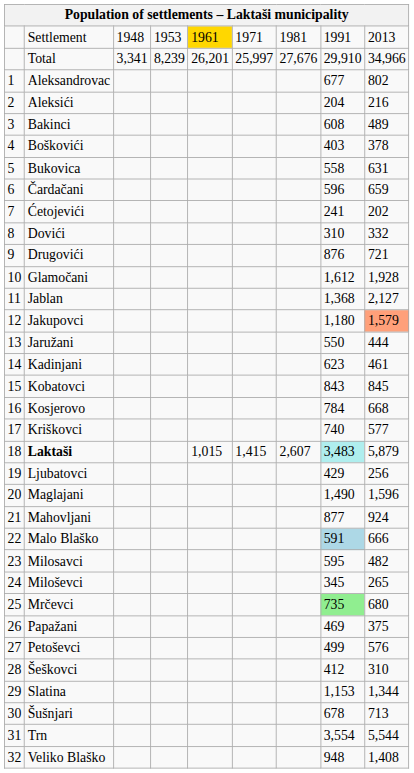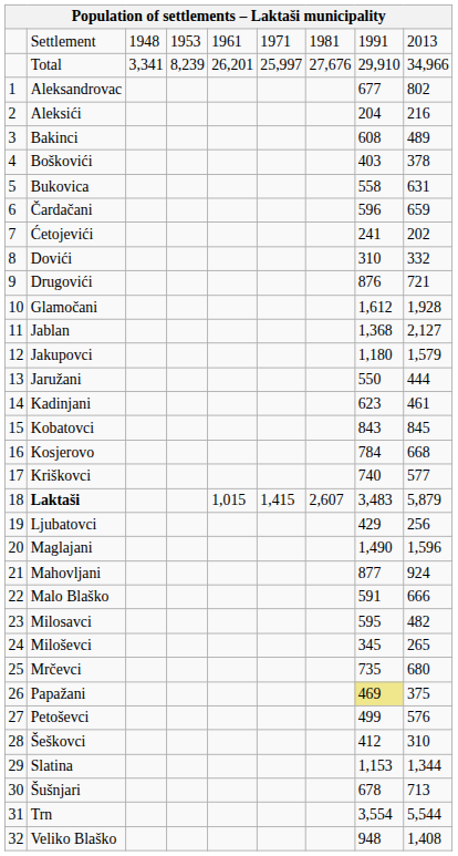 <table class="wikitable">
 <tr>
 <th colspan="9">Population of settlements – Laktaši municipality</th>
 </tr>
 <tr>
 <td></td>
 <td>Settlement</td>
 <td>1948</td>
 <td>1953</td>
-<td style="background: gold;">1961</td>
+<td>1961</td>
 <td>1971</td>
 <td>1981</td>
 <td>1991</td>
 <td>2013</td>
 </tr>
 <tr>
 <td></td>
 <td>Total</td>
 <td>3,341</td>
 <td>8,239</td>
 <td>26,201</td>
 <td>25,997</td>
 <td>27,676</td>
 <td>29,910</td>
 <td>34,966</td>
 </tr>
 <tr>
 <td>1</td>
 <td>Aleksandrovac</td>
 <td></td>
 <td></td>
 <td></td>
 <td></td>
 <td></td>
 <td>677</td>
 <td>802</td>
 </tr>
 <tr>
 <td>2</td>
 <td>Aleksići</td>
 <td></td>
 <td></td>
 <td></td>
 <td></td>
 <td></td>
 <td>204</td>
 <td>216</td>
 </tr>
 <tr>
 <td>3</td>
 <td>Bakinci</td>
 <td></td>
 <td></td>
 <td></td>
 <td></td>
 <td></td>
 <td>608</td>
 <td>489</td>
 </tr>
 <tr>
 <td>4</td>
 <td>Boškovići</td>
 <td></td>
 <td></td>
 <td></td>
 <td></td>
 <td></td>
 <td>403</td>
 <td>378</td>
 </tr>
 <tr>
 <td>5</td>
 <td>Bukovica</td>
 <td></td>
 <td></td>
 <td></td>
 <td></td>
 <td></td>
 <td>558</td>
 <td>631</td>
 </tr>
 <tr>
 <td>6</td>
 <td>Čardačani</td>
 <td></td>
 <td></td>
 <td></td>
 <td></td>
 <td></td>
 <td>596</td>
 <td>659</td>
 </tr>
 <tr>
 <td>7</td>
 <td>Ćetojevići</td>
 <td></td>
 <td></td>
 <td></td>
 <td></td>
 <td></td>
 <td>241</td>
 <td>202</td>
 </tr>
 <tr>
 <td>8</td>
 <td>Dovići</td>
 <td></td>
 <td></td>
 <td></td>
 <td></td>
 <td></td>
 <td>310</td>
 <td>332</td>
 </tr>
 <tr>
 <td>9</td>
 <td>Drugovići</td>
 <td></td>
 <td></td>
 <td></td>
 <td></td>
 <td></td>
 <td>876</td>
 <td>721</td>
 </tr>
 <tr>
 <td>10</td>
 <td>Glamočani</td>
 <td></td>
 <td></td>
 <td></td>
 <td></td>
 <td></td>
 <td>1,612</td>
 <td>1,928</td>
 </tr>
 <tr>
 <td>11</td>
 <td>Jablan</td>
 <td></td>
 <td></td>
 <td></td>
 <td></td>
 <td></td>
 <td>1,368</td>
 <td>2,127</td>
 </tr>
 <tr>
 <td>12</td>
 <td>Jakupovci</td>
 <td></td>
 <td></td>
 <td></td>
 <td></td>
 <td></td>
 <td>1,180</td>
-<td style="background: lightsalmon;">1,579</td>
+<td>1,579</td>
 </tr>
 <tr>
 <td>13</td>
 <td>Jaružani</td>
 <td></td>
 <td></td>
 <td></td>
 <td></td>
 <td></td>
 <td>550</td>
 <td>444</td>
 </tr>
 <tr>
 <td>14</td>
 <td>Kadinjani</td>
 <td></td>
 <td></td>
 <td></td>
 <td></td>
 <td></td>
 <td>623</td>
 <td>461</td>
 </tr>
 <tr>
 <td>15</td>
 <td>Kobatovci</td>
 <td></td>
 <td></td>
 <td></td>
 <td></td>
 <td></td>
 <td>843</td>
 <td>845</td>
 </tr>
 <tr>
 <td>16</td>
 <td>Kosjerovo</td>
 <td></td>
 <td></td>
 <td></td>
 <td></td>
 <td></td>
 <td>784</td>
 <td>668</td>
 </tr>
 <tr>
 <td>17</td>
 <td>Kriškovci</td>
 <td></td>
 <td></td>
 <td></td>
 <td></td>
 <td></td>
 <td>740</td>
 <td>577</td>
 </tr>
 <tr>
 <td>18</td>
 <td><strong>Laktaši</strong></td>
 <td></td>
 <td></td>
 <td>1,015</td>
 <td>1,415</td>
 <td>2,607</td>
-<td style="background: paleturquoise;">3,483</td>
+<td>3,483</td>
 <td>5,879</td>
 </tr>
 <tr>
 <td>19</td>
 <td>Ljubatovci</td>
 <td></td>
 <td></td>
 <td></td>
 <td></td>
 <td></td>
 <td>429</td>
 <td>256</td>
 </tr>
 <tr>
 <td>20</td>
 <td>Maglajani</td>
 <td></td>
 <td></td>
 <td></td>
 <td></td>
 <td></td>
 <td>1,490</td>
 <td>1,596</td>
 </tr>
 <tr>
 <td>21</td>
 <td>Mahovljani</td>
 <td></td>
 <td></td>
 <td></td>
 <td></td>
 <td></td>
 <td>877</td>
 <td>924</td>
 </tr>
 <tr>
 <td>22</td>
 <td>Malo Blaško</td>
 <td></td>
 <td></td>
 <td></td>
 <td></td>
 <td></td>
-<td style="background: lightblue;">591</td>
+<td>591</td>
 <td>666</td>
 </tr>
 <tr>
 <td>23</td>
 <td>Milosavci</td>
 <td></td>
 <td></td>
 <td></td>
 <td></td>
 <td></td>
 <td>595</td>
 <td>482</td>
 </tr>
 <tr>
 <td>24</td>
 <td>Miloševci</td>
 <td></td>
 <td></td>
 <td></td>
 <td></td>
 <td></td>
 <td>345</td>
 <td>265</td>
 </tr>
 <tr>
 <td>25</td>
 <td>Mrčevci</td>
 <td></td>
 <td></td>
 <td></td>
 <td></td>
 <td></td>
-<td style="background: lightgreen;">735</td>
+<td>735</td>
 <td>680</td>
 </tr>
 <tr>
 <td>26</td>
 <td>Papažani</td>
 <td></td>
 <td></td>
 <td></td>
 <td></td>
 <td></td>
-<td>469</td>
+<td style="background: khaki;">469</td>
 <td>375</td>
 </tr>
 <tr>
 <td>27</td>
 <td>Petoševci</td>
 <td></td>
 <td></td>
 <td></td>
 <td></td>
 <td></td>
 <td>499</td>
 <td>576</td>
 </tr>
 <tr>
 <td>28</td>
 <td>Šeškovci</td>
 <td></td>
 <td></td>
 <td></td>
 <td></td>
 <td></td>
 <td>412</td>
 <td>310</td>
 </tr>
 <tr>
 <td>29</td>
 <td>Slatina</td>
 <td></td>
 <td></td>
 <td></td>
 <td></td>
 <td></td>
 <td>1,153</td>
 <td>1,344</td>
 </tr>
 <tr>
 <td>30</td>
 <td>Šušnjari</td>
 <td></td>
 <td></td>
 <td></td>
 <td></td>
 <td></td>
 <td>678</td>
 <td>713</td>
 </tr>
 <tr>
 <td>31</td>
 <td>Trn</td>
 <td></td>
 <td></td>
 <td></td>
 <td></td>
 <td></td>
 <td>3,554</td>
 <td>5,544</td>
 </tr>
 <tr>
 <td>32</td>
 <td>Veliko Blaško</td>
 <td></td>
 <td></td>
 <td></td>
 <td></td>
 <td></td>
 <td>948</td>
 <td>1,408</td>
 </tr>
 </table>
